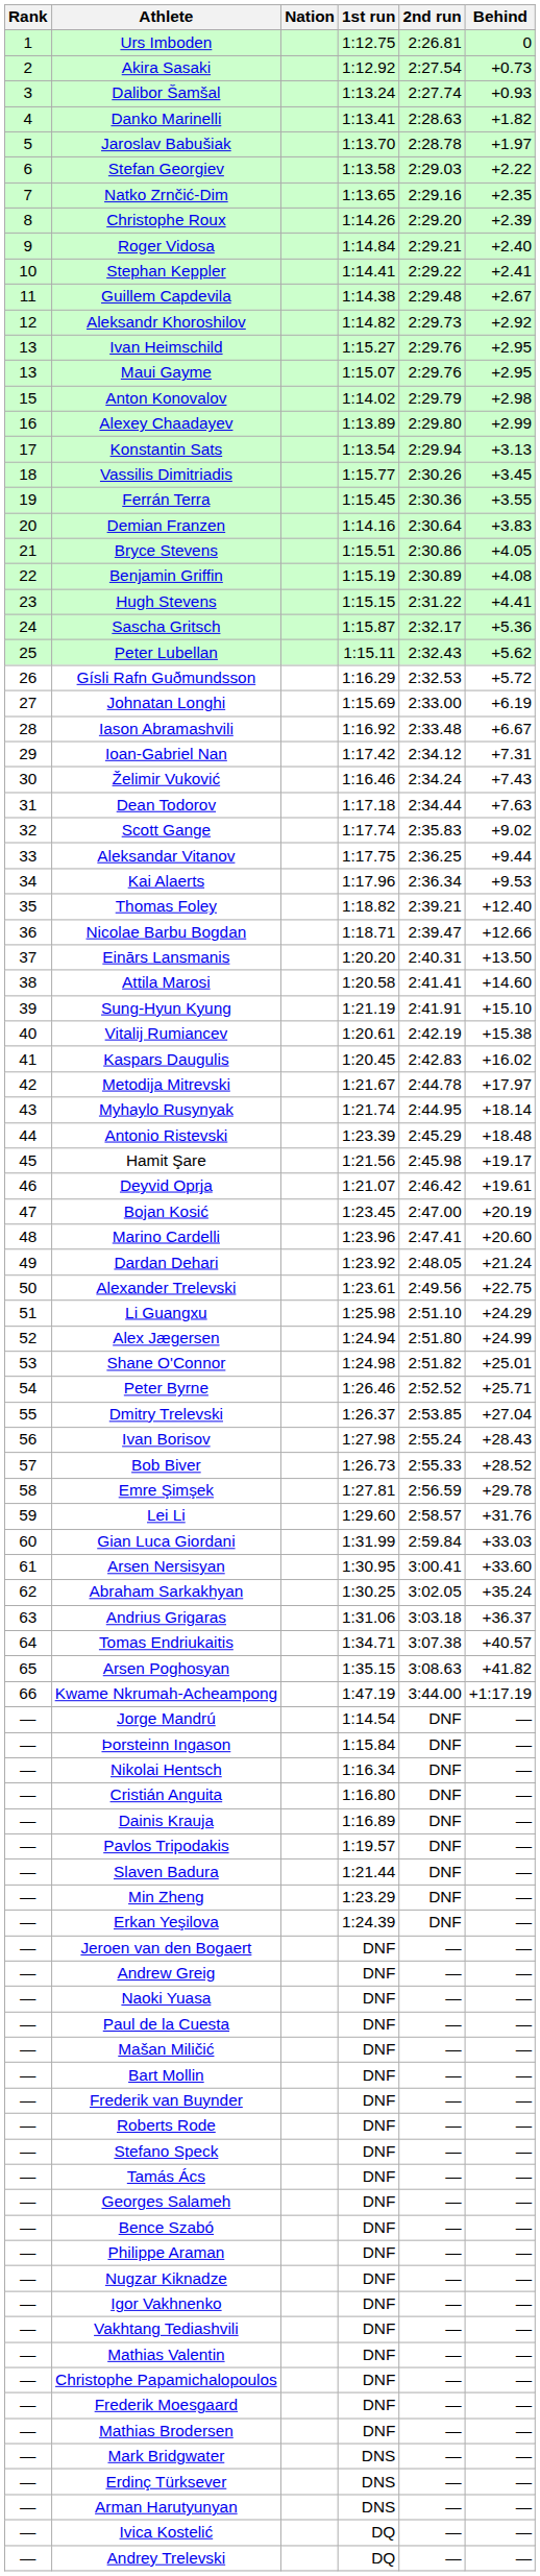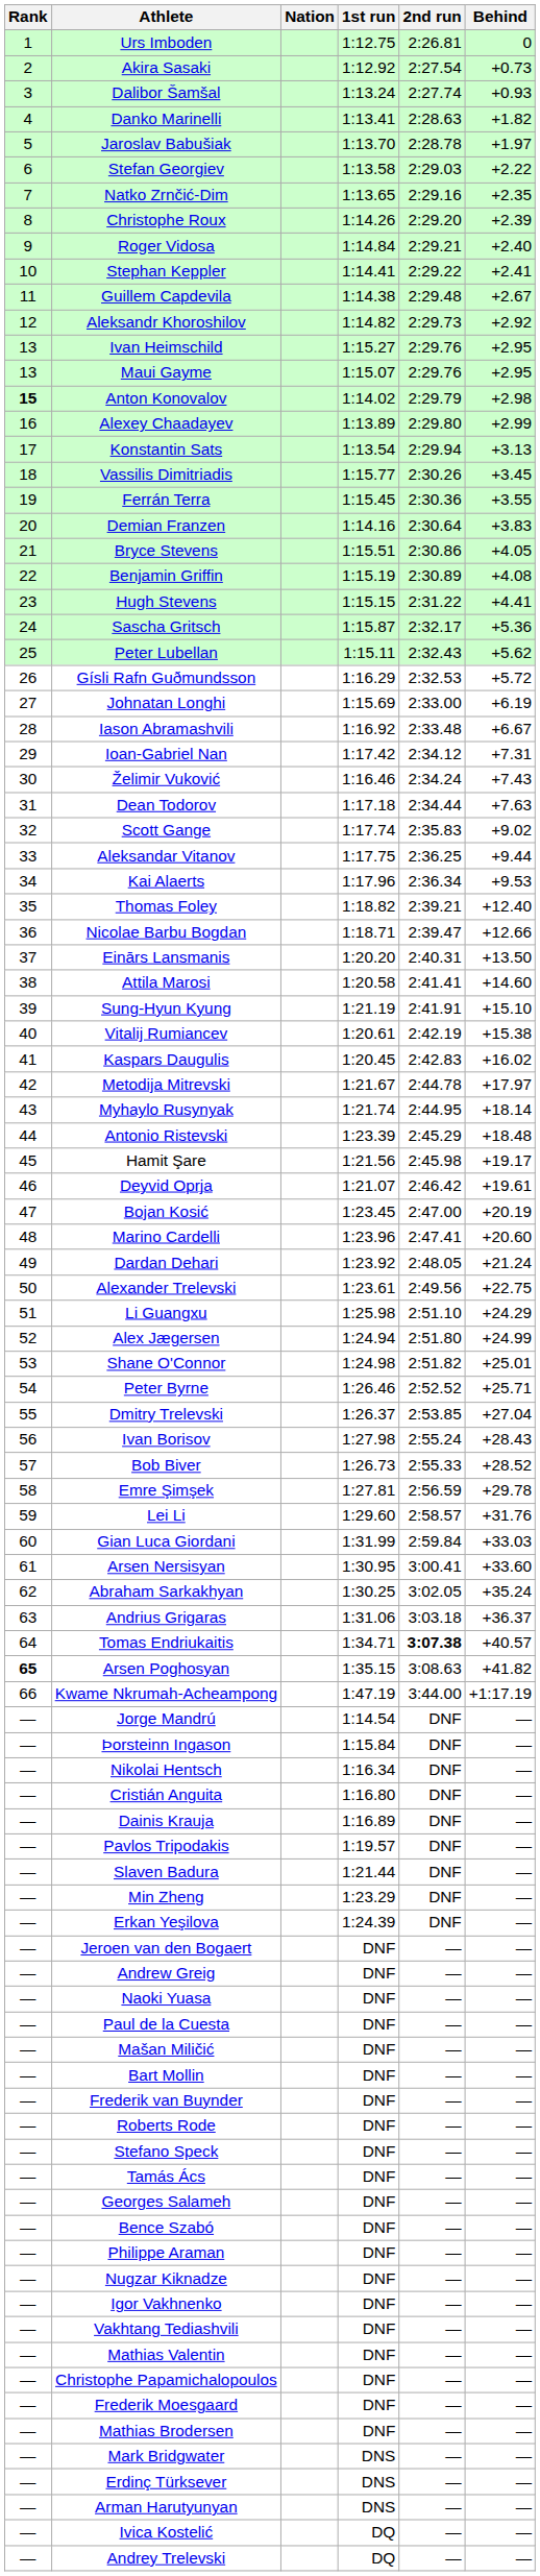 <table class=wikitable>
 <tr>
 <th>Rank</th>
 <th>Athlete</th>
 <th>Nation</th>
 <th>1st run</th>
 <th>2nd run</th>
 <th>Behind</th>
 </tr>
 <tr bgcolor="#CCFFCC">
 <td align="center">1</td>
 <td align="center"><a href='#'>Urs Imboden</a></td>
 <td></td>
 <td align="right">1:12.75</td>
 <td align="right">2:26.81</td>
 <td align="right">0</td>
 </tr>
 <tr bgcolor="#CCFFCC">
 <td align="center">2</td>
 <td align="center"><a href='#'>Akira Sasaki</a></td>
 <td></td>
 <td align="right">1:12.92</td>
 <td align="right">2:27.54</td>
 <td align="right">+0.73</td>
 </tr>
 <tr bgcolor="#CCFFCC">
 <td align="center">3</td>
 <td align="center"><a href='#'>Dalibor Šamšal</a></td>
 <td></td>
 <td align="right">1:13.24</td>
 <td align="right">2:27.74</td>
 <td align="right">+0.93</td>
 </tr>
 <tr bgcolor="#CCFFCC">
 <td align="center">4</td>
 <td align="center"><a href='#'>Danko Marinelli</a></td>
 <td></td>
 <td align="right">1:13.41</td>
 <td align="right">2:28.63</td>
 <td align="right">+1.82</td>
 </tr>
 <tr bgcolor="#CCFFCC">
 <td align="center">5</td>
 <td align="center"><a href='#'>Jaroslav Babušiak</a></td>
 <td></td>
 <td align="right">1:13.70</td>
 <td align="right">2:28.78</td>
 <td align="right">+1.97</td>
 </tr>
 <tr bgcolor="#CCFFCC">
 <td align="center">6</td>
 <td align="center"><a href='#'>Stefan Georgiev</a></td>
 <td></td>
 <td align="right">1:13.58</td>
 <td align="right">2:29.03</td>
 <td align="right">+2.22</td>
 </tr>
 <tr bgcolor="#CCFFCC">
 <td align="center">7</td>
 <td align="center"><a href='#'>Natko Zrnčić-Dim</a></td>
 <td></td>
 <td align="right">1:13.65</td>
 <td align="right">2:29.16</td>
 <td align="right">+2.35</td>
 </tr>
 <tr bgcolor="#CCFFCC">
 <td align="center">8</td>
 <td align="center"><a href='#'>Christophe Roux</a></td>
 <td></td>
 <td align="right">1:14.26</td>
 <td align="right">2:29.20</td>
 <td align="right">+2.39</td>
 </tr>
 <tr bgcolor="#CCFFCC">
 <td align="center">9</td>
 <td align="center"><a href='#'>Roger Vidosa</a></td>
 <td></td>
 <td align="right">1:14.84</td>
 <td align="right">2:29.21</td>
 <td align="right">+2.40</td>
 </tr>
 <tr bgcolor="#CCFFCC">
 <td align="center">10</td>
 <td align="center"><a href='#'>Stephan Keppler</a></td>
 <td></td>
 <td align="right">1:14.41</td>
 <td align="right">2:29.22</td>
 <td align="right">+2.41</td>
 </tr>
 <tr bgcolor="#CCFFCC">
 <td align="center">11</td>
 <td align="center"><a href='#'>Guillem Capdevila</a></td>
 <td></td>
 <td align="right">1:14.38</td>
 <td align="right">2:29.48</td>
 <td align="right">+2.67</td>
 </tr>
 <tr bgcolor="#CCFFCC">
 <td align="center">12</td>
 <td align="center"><a href='#'>Aleksandr Khoroshilov</a></td>
 <td></td>
 <td align="right">1:14.82</td>
 <td align="right">2:29.73</td>
 <td align="right">+2.92</td>
 </tr>
 <tr bgcolor="#CCFFCC">
 <td align="center">13</td>
 <td align="center"><a href='#'>Ivan Heimschild</a></td>
 <td></td>
 <td align="right">1:15.27</td>
 <td align="right">2:29.76</td>
 <td align="right">+2.95</td>
 </tr>
 <tr bgcolor="#CCFFCC">
 <td align="center">13</td>
 <td align="center"><a href='#'>Maui Gayme</a></td>
 <td></td>
 <td align="right">1:15.07</td>
 <td align="right">2:29.76</td>
 <td align="right">+2.95</td>
 </tr>
 <tr bgcolor="#CCFFCC">
-<td align="center">15</td>
+<td align="center"><strong>15</strong></td>
 <td align="center"><a href='#'>Anton Konovalov</a></td>
 <td></td>
 <td align="right">1:14.02</td>
 <td align="right">2:29.79</td>
 <td align="right">+2.98</td>
 </tr>
 <tr bgcolor="#CCFFCC">
 <td align="center">16</td>
 <td align="center"><a href='#'>Alexey Chaadayev</a></td>
 <td></td>
 <td align="right">1:13.89</td>
 <td align="right">2:29.80</td>
 <td align="right">+2.99</td>
 </tr>
 <tr bgcolor="#CCFFCC">
 <td align="center">17</td>
 <td align="center"><a href='#'>Konstantin Sats</a></td>
 <td></td>
 <td align="right">1:13.54</td>
 <td align="right">2:29.94</td>
 <td align="right">+3.13</td>
 </tr>
 <tr bgcolor="#CCFFCC">
 <td align="center">18</td>
 <td align="center"><a href='#'>Vassilis Dimitriadis</a></td>
 <td></td>
 <td align="right">1:15.77</td>
 <td align="right">2:30.26</td>
 <td align="right">+3.45</td>
 </tr>
 <tr bgcolor="#CCFFCC">
 <td align="center">19</td>
 <td align="center"><a href='#'>Ferrán Terra</a></td>
 <td></td>
 <td align="right">1:15.45</td>
 <td align="right">2:30.36</td>
 <td align="right">+3.55</td>
 </tr>
 <tr bgcolor="#CCFFCC">
 <td align="center">20</td>
 <td align="center"><a href='#'>Demian Franzen</a></td>
 <td></td>
 <td align="right">1:14.16</td>
 <td align="right">2:30.64</td>
 <td align="right">+3.83</td>
 </tr>
 <tr bgcolor="#CCFFCC">
 <td align="center">21</td>
 <td align="center"><a href='#'>Bryce Stevens</a></td>
 <td></td>
 <td align="right">1:15.51</td>
 <td align="right">2:30.86</td>
 <td align="right">+4.05</td>
 </tr>
 <tr bgcolor="#CCFFCC">
 <td align="center">22</td>
 <td align="center"><a href='#'>Benjamin Griffin</a></td>
 <td></td>
 <td align="right">1:15.19</td>
 <td align="right">2:30.89</td>
 <td align="right">+4.08</td>
 </tr>
 <tr bgcolor="#CCFFCC">
 <td align="center">23</td>
 <td align="center"><a href='#'>Hugh Stevens</a></td>
 <td></td>
 <td align="right">1:15.15</td>
 <td align="right">2:31.22</td>
 <td align="right">+4.41</td>
 </tr>
 <tr bgcolor="#CCFFCC">
 <td align="center">24</td>
 <td align="center"><a href='#'>Sascha Gritsch</a></td>
 <td></td>
 <td align="right">1:15.87</td>
 <td align="right">2:32.17</td>
 <td align="right">+5.36</td>
 </tr>
 <tr bgcolor="#CCFFCC">
 <td align="center">25</td>
 <td align="center"><a href='#'>Peter Lubellan</a></td>
 <td></td>
 <td align="right">1:15.11</td>
 <td align="right">2:32.43</td>
 <td align="right">+5.62</td>
 </tr>
 <tr bgcolor="#FFFFFF">
 <td align="center">26</td>
 <td align="center"><a href='#'>Gísli Rafn Guðmundsson</a></td>
 <td></td>
 <td align="right">1:16.29</td>
 <td align="right">2:32.53</td>
 <td align="right">+5.72</td>
 </tr>
 <tr bgcolor="#FFFFFF">
 <td align="center">27</td>
 <td align="center"><a href='#'>Johnatan Longhi</a></td>
 <td></td>
 <td align="right">1:15.69</td>
 <td align="right">2:33.00</td>
 <td align="right">+6.19</td>
 </tr>
 <tr bgcolor="#FFFFFF">
 <td align="center">28</td>
 <td align="center"><a href='#'>Iason Abramashvili</a></td>
 <td></td>
 <td align="right">1:16.92</td>
 <td align="right">2:33.48</td>
 <td align="right">+6.67</td>
 </tr>
 <tr bgcolor="#FFFFFF">
 <td align="center">29</td>
 <td align="center"><a href='#'>Ioan-Gabriel Nan</a></td>
 <td></td>
 <td align="right">1:17.42</td>
 <td align="right">2:34.12</td>
 <td align="right">+7.31</td>
 </tr>
 <tr bgcolor="#FFFFFF">
 <td align="center">30</td>
 <td align="center"><a href='#'>Želimir Vuković</a></td>
 <td></td>
 <td align="right">1:16.46</td>
 <td align="right">2:34.24</td>
 <td align="right">+7.43</td>
 </tr>
 <tr bgcolor="#FFFFFF">
 <td align="center">31</td>
 <td align="center"><a href='#'>Dean Todorov</a></td>
 <td></td>
 <td align="right">1:17.18</td>
 <td align="right">2:34.44</td>
 <td align="right">+7.63</td>
 </tr>
 <tr bgcolor="#FFFFFF">
 <td align="center">32</td>
 <td align="center"><a href='#'>Scott Gange</a></td>
 <td></td>
 <td align="right">1:17.74</td>
 <td align="right">2:35.83</td>
 <td align="right">+9.02</td>
 </tr>
 <tr bgcolor="#FFFFFF">
 <td align="center">33</td>
 <td align="center"><a href='#'>Aleksandar Vitanov</a></td>
 <td></td>
 <td align="right">1:17.75</td>
 <td align="right">2:36.25</td>
 <td align="right">+9.44</td>
 </tr>
 <tr bgcolor="#FFFFFF">
 <td align="center">34</td>
 <td align="center"><a href='#'>Kai Alaerts</a></td>
 <td></td>
 <td align="right">1:17.96</td>
 <td align="right">2:36.34</td>
 <td align="right">+9.53</td>
 </tr>
 <tr bgcolor="#FFFFFF">
 <td align="center">35</td>
 <td align="center"><a href='#'>Thomas Foley</a></td>
 <td></td>
 <td align="right">1:18.82</td>
 <td align="right">2:39.21</td>
 <td align="right">+12.40</td>
 </tr>
 <tr bgcolor="#FFFFFF">
 <td align="center">36</td>
 <td align="center"><a href='#'>Nicolae Barbu Bogdan</a></td>
 <td></td>
 <td align="right">1:18.71</td>
 <td align="right">2:39.47</td>
 <td align="right">+12.66</td>
 </tr>
 <tr bgcolor="#FFFFFF">
 <td align="center">37</td>
 <td align="center"><a href='#'>Einārs Lansmanis</a></td>
 <td></td>
 <td align="right">1:20.20</td>
 <td align="right">2:40.31</td>
 <td align="right">+13.50</td>
 </tr>
 <tr bgcolor="#FFFFFF">
 <td align="center">38</td>
 <td align="center"><a href='#'>Attila Marosi</a></td>
 <td></td>
 <td align="right">1:20.58</td>
 <td align="right">2:41.41</td>
 <td align="right">+14.60</td>
 </tr>
 <tr bgcolor="#FFFFFF">
 <td align="center">39</td>
 <td align="center"><a href='#'>Sung-Hyun Kyung</a></td>
 <td></td>
 <td align="right">1:21.19</td>
 <td align="right">2:41.91</td>
 <td align="right">+15.10</td>
 </tr>
 <tr bgcolor="#FFFFFF">
 <td align="center">40</td>
 <td align="center"><a href='#'>Vitalij Rumiancev</a></td>
 <td></td>
 <td align="right">1:20.61</td>
 <td align="right">2:42.19</td>
 <td align="right">+15.38</td>
 </tr>
 <tr bgcolor="#FFFFFF">
 <td align="center">41</td>
 <td align="center"><a href='#'>Kaspars Daugulis</a></td>
 <td></td>
 <td align="right">1:20.45</td>
 <td align="right">2:42.83</td>
 <td align="right">+16.02</td>
 </tr>
 <tr bgcolor="#FFFFFF">
 <td align="center">42</td>
 <td align="center"><a href='#'>Metodija Mitrevski</a></td>
 <td></td>
 <td align="right">1:21.67</td>
 <td align="right">2:44.78</td>
 <td align="right">+17.97</td>
 </tr>
 <tr bgcolor="#FFFFFF">
 <td align="center">43</td>
 <td align="center"><a href='#'>Myhaylo Rusynyak</a></td>
 <td></td>
 <td align="right">1:21.74</td>
 <td align="right">2:44.95</td>
 <td align="right">+18.14</td>
 </tr>
 <tr bgcolor="#FFFFFF">
 <td align="center">44</td>
 <td align="center"><a href='#'>Antonio Ristevski</a></td>
 <td></td>
 <td align="right">1:23.39</td>
 <td align="right">2:45.29</td>
 <td align="right">+18.48</td>
 </tr>
 <tr bgcolor="#FFFFFF">
 <td align="center">45</td>
 <td align="center">Hamit Şare</td>
 <td></td>
 <td align="right">1:21.56</td>
 <td align="right">2:45.98</td>
 <td align="right">+19.17</td>
 </tr>
 <tr bgcolor="#FFFFFF">
 <td align="center">46</td>
 <td align="center"><a href='#'>Deyvid Oprja</a></td>
 <td></td>
 <td align="right">1:21.07</td>
 <td align="right">2:46.42</td>
 <td align="right">+19.61</td>
 </tr>
 <tr bgcolor="#FFFFFF">
 <td align="center">47</td>
 <td align="center"><a href='#'>Bojan Kosić</a></td>
 <td></td>
 <td align="right">1:23.45</td>
 <td align="right">2:47.00</td>
 <td align="right">+20.19</td>
 </tr>
 <tr bgcolor="#FFFFFF">
 <td align="center">48</td>
 <td align="center"><a href='#'>Marino Cardelli</a></td>
 <td></td>
 <td align="right">1:23.96</td>
 <td align="right">2:47.41</td>
 <td align="right">+20.60</td>
 </tr>
 <tr bgcolor="#FFFFFF">
 <td align="center">49</td>
 <td align="center"><a href='#'>Dardan Dehari</a></td>
 <td></td>
 <td align="right">1:23.92</td>
 <td align="right">2:48.05</td>
 <td align="right">+21.24</td>
 </tr>
 <tr bgcolor="#FFFFFF">
 <td align="center">50</td>
 <td align="center"><a href='#'>Alexander Trelevski</a></td>
 <td></td>
 <td align="right">1:23.61</td>
 <td align="right">2:49.56</td>
 <td align="right">+22.75</td>
 </tr>
 <tr bgcolor="#FFFFFF">
 <td align="center">51</td>
 <td align="center"><a href='#'>Li Guangxu</a></td>
 <td></td>
 <td align="right">1:25.98</td>
 <td align="right">2:51.10</td>
 <td align="right">+24.29</td>
 </tr>
 <tr bgcolor="#FFFFFF">
 <td align="center">52</td>
 <td align="center"><a href='#'>Alex Jægersen</a></td>
 <td></td>
 <td align="right">1:24.94</td>
 <td align="right">2:51.80</td>
 <td align="right">+24.99</td>
 </tr>
 <tr bgcolor="#FFFFFF">
 <td align="center">53</td>
 <td align="center"><a href='#'>Shane O'Connor</a></td>
 <td></td>
 <td align="right">1:24.98</td>
 <td align="right">2:51.82</td>
 <td align="right">+25.01</td>
 </tr>
 <tr bgcolor="#FFFFFF">
 <td align="center">54</td>
 <td align="center"><a href='#'>Peter Byrne</a></td>
 <td></td>
 <td align="right">1:26.46</td>
 <td align="right">2:52.52</td>
 <td align="right">+25.71</td>
 </tr>
 <tr bgcolor="#FFFFFF">
 <td align="center">55</td>
 <td align="center"><a href='#'>Dmitry Trelevski</a></td>
 <td></td>
 <td align="right">1:26.37</td>
 <td align="right">2:53.85</td>
 <td align="right">+27.04</td>
 </tr>
 <tr bgcolor="#FFFFFF">
 <td align="center">56</td>
 <td align="center"><a href='#'>Ivan Borisov</a></td>
 <td></td>
 <td align="right">1:27.98</td>
 <td align="right">2:55.24</td>
 <td align="right">+28.43</td>
 </tr>
 <tr bgcolor="#FFFFFF">
 <td align="center">57</td>
 <td align="center"><a href='#'>Bob Biver</a></td>
 <td></td>
 <td align="right">1:26.73</td>
 <td align="right">2:55.33</td>
 <td align="right">+28.52</td>
 </tr>
 <tr bgcolor="#FFFFFF">
 <td align="center">58</td>
 <td align="center"><a href='#'>Emre Şimşek</a></td>
 <td></td>
 <td align="right">1:27.81</td>
 <td align="right">2:56.59</td>
 <td align="right">+29.78</td>
 </tr>
 <tr bgcolor="#FFFFFF">
 <td align="center">59</td>
 <td align="center"><a href='#'>Lei Li</a></td>
 <td></td>
 <td align="right">1:29.60</td>
 <td align="right">2:58.57</td>
 <td align="right">+31.76</td>
 </tr>
 <tr bgcolor="#FFFFFF">
 <td align="center">60</td>
 <td align="center"><a href='#'>Gian Luca Giordani</a></td>
 <td></td>
 <td align="right">1:31.99</td>
 <td align="right">2:59.84</td>
 <td align="right">+33.03</td>
 </tr>
 <tr bgcolor="#FFFFFF">
 <td align="center">61</td>
 <td align="center"><a href='#'>Arsen Nersisyan</a></td>
 <td></td>
 <td align="right">1:30.95</td>
 <td align="right">3:00.41</td>
 <td align="right">+33.60</td>
 </tr>
 <tr bgcolor="#FFFFFF">
 <td align="center">62</td>
 <td align="center"><a href='#'>Abraham Sarkakhyan</a></td>
 <td></td>
 <td align="right">1:30.25</td>
 <td align="right">3:02.05</td>
 <td align="right">+35.24</td>
 </tr>
 <tr bgcolor="#FFFFFF">
 <td align="center">63</td>
 <td align="center"><a href='#'>Andrius Grigaras</a></td>
 <td></td>
 <td align="right">1:31.06</td>
 <td align="right">3:03.18</td>
 <td align="right">+36.37</td>
 </tr>
 <tr bgcolor="#FFFFFF">
 <td align="center">64</td>
 <td align="center"><a href='#'>Tomas Endriukaitis</a></td>
 <td></td>
 <td align="right">1:34.71</td>
-<td align="right">3:07.38</td>
+<td align="right"><strong>3:07.38</strong></td>
 <td align="right">+40.57</td>
 </tr>
 <tr bgcolor="#FFFFFF">
-<td align="center">65</td>
+<td align="center"><strong>65</strong></td>
 <td align="center"><a href='#'>Arsen Poghosyan</a></td>
 <td></td>
 <td align="right">1:35.15</td>
 <td align="right">3:08.63</td>
 <td align="right">+41.82</td>
 </tr>
 <tr bgcolor="#FFFFFF">
 <td align="center">66</td>
 <td align="center"><a href='#'>Kwame Nkrumah-Acheampong</a></td>
 <td></td>
 <td align="right">1:47.19</td>
 <td align="right">3:44.00</td>
 <td align="right">+1:17.19</td>
 </tr>
 <tr bgcolor="#FFFFFF">
 <td align="center">—</td>
 <td align="center"><a href='#'>Jorge Mandrú</a></td>
 <td></td>
 <td align="right">1:14.54</td>
 <td align="right">DNF</td>
 <td align="right">—</td>
 </tr>
 <tr bgcolor="#FFFFFF">
 <td align="center">—</td>
 <td align="center"><a href='#'>Þorsteinn Ingason</a></td>
 <td></td>
 <td align="right">1:15.84</td>
 <td align="right">DNF</td>
 <td align="right">—</td>
 </tr>
 <tr bgcolor="#FFFFFF">
 <td align="center">—</td>
 <td align="center"><a href='#'>Nikolai Hentsch</a></td>
 <td></td>
 <td align="right">1:16.34</td>
 <td align="right">DNF</td>
 <td align="right">—</td>
 </tr>
 <tr bgcolor="#FFFFFF">
 <td align="center">—</td>
 <td align="center"><a href='#'>Cristián Anguita</a></td>
 <td></td>
 <td align="right">1:16.80</td>
 <td align="right">DNF</td>
 <td align="right">—</td>
 </tr>
 <tr bgcolor="#FFFFFF">
 <td align="center">—</td>
 <td align="center"><a href='#'>Dainis Krauja</a></td>
 <td></td>
 <td align="right">1:16.89</td>
 <td align="right">DNF</td>
 <td align="right">—</td>
 </tr>
 <tr bgcolor="#FFFFFF">
 <td align="center">—</td>
 <td align="center"><a href='#'>Pavlos Tripodakis</a></td>
 <td></td>
 <td align="right">1:19.57</td>
 <td align="right">DNF</td>
 <td align="right">—</td>
 </tr>
 <tr bgcolor="#FFFFFF">
 <td align="center">—</td>
 <td align="center"><a href='#'>Slaven Badura</a></td>
 <td></td>
 <td align="right">1:21.44</td>
 <td align="right">DNF</td>
 <td align="right">—</td>
 </tr>
 <tr bgcolor="#FFFFFF">
 <td align="center">—</td>
 <td align="center"><a href='#'>Min Zheng</a></td>
 <td></td>
 <td align="right">1:23.29</td>
 <td align="right">DNF</td>
 <td align="right">—</td>
 </tr>
 <tr bgcolor="#FFFFFF">
 <td align="center">—</td>
 <td align="center"><a href='#'>Erkan Yeşilova</a></td>
 <td></td>
 <td align="right">1:24.39</td>
 <td align="right">DNF</td>
 <td align="right">—</td>
 </tr>
 <tr bgcolor="#FFFFFF">
 <td align="center">—</td>
 <td align="center"><a href='#'>Jeroen van den Bogaert</a></td>
 <td></td>
 <td align="right">DNF</td>
 <td align="right">—</td>
 <td align="right">—</td>
 </tr>
 <tr bgcolor="#FFFFFF">
 <td align="center">—</td>
 <td align="center"><a href='#'>Andrew Greig</a></td>
 <td></td>
 <td align="right">DNF</td>
 <td align="right">—</td>
 <td align="right">—</td>
 </tr>
 <tr bgcolor="#FFFFFF">
 <td align="center">—</td>
 <td align="center"><a href='#'>Naoki Yuasa</a></td>
 <td></td>
 <td align="right">DNF</td>
 <td align="right">—</td>
 <td align="right">—</td>
 </tr>
 <tr bgcolor="#FFFFFF">
 <td align="center">—</td>
 <td align="center"><a href='#'>Paul de la Cuesta</a></td>
 <td></td>
 <td align="right">DNF</td>
 <td align="right">—</td>
 <td align="right">—</td>
 </tr>
 <tr bgcolor="#FFFFFF">
 <td align="center">—</td>
 <td align="center"><a href='#'>Mašan Miličić</a></td>
 <td></td>
 <td align="right">DNF</td>
 <td align="right">—</td>
 <td align="right">—</td>
 </tr>
 <tr bgcolor="#FFFFFF">
 <td align="center">—</td>
 <td align="center"><a href='#'>Bart Mollin</a></td>
 <td></td>
 <td align="right">DNF</td>
 <td align="right">—</td>
 <td align="right">—</td>
 </tr>
 <tr bgcolor="#FFFFFF">
 <td align="center">—</td>
 <td align="center"><a href='#'>Frederik van Buynder</a></td>
 <td></td>
 <td align="right">DNF</td>
 <td align="right">—</td>
 <td align="right">—</td>
 </tr>
 <tr bgcolor="#FFFFFF">
 <td align="center">—</td>
 <td align="center"><a href='#'>Roberts Rode</a></td>
 <td></td>
 <td align="right">DNF</td>
 <td align="right">—</td>
 <td align="right">—</td>
 </tr>
 <tr bgcolor="#FFFFFF">
 <td align="center">—</td>
 <td align="center"><a href='#'>Stefano Speck</a></td>
 <td></td>
 <td align="right">DNF</td>
 <td align="right">—</td>
 <td align="right">—</td>
 </tr>
 <tr bgcolor="#FFFFFF">
 <td align="center">—</td>
 <td align="center"><a href='#'>Tamás Ács</a></td>
 <td></td>
 <td align="right">DNF</td>
 <td align="right">—</td>
 <td align="right">—</td>
 </tr>
 <tr bgcolor="#FFFFFF">
 <td align="center">—</td>
 <td align="center"><a href='#'>Georges Salameh</a></td>
 <td></td>
 <td align="right">DNF</td>
 <td align="right">—</td>
 <td align="right">—</td>
 </tr>
 <tr bgcolor="#FFFFFF">
 <td align="center">—</td>
 <td align="center"><a href='#'>Bence Szabó</a></td>
 <td></td>
 <td align="right">DNF</td>
 <td align="right">—</td>
 <td align="right">—</td>
 </tr>
 <tr bgcolor="#FFFFFF">
 <td align="center">—</td>
 <td align="center"><a href='#'>Philippe Araman</a></td>
 <td></td>
 <td align="right">DNF</td>
 <td align="right">—</td>
 <td align="right">—</td>
 </tr>
 <tr bgcolor="#FFFFFF">
 <td align="center">—</td>
 <td align="center"><a href='#'>Nugzar Kiknadze</a></td>
 <td></td>
 <td align="right">DNF</td>
 <td align="right">—</td>
 <td align="right">—</td>
 </tr>
 <tr bgcolor="#FFFFFF">
 <td align="center">—</td>
 <td align="center"><a href='#'>Igor Vakhnenko</a></td>
 <td></td>
 <td align="right">DNF</td>
 <td align="right">—</td>
 <td align="right">—</td>
 </tr>
 <tr bgcolor="#FFFFFF">
 <td align="center">—</td>
 <td align="center"><a href='#'>Vakhtang Tediashvili</a></td>
 <td></td>
 <td align="right">DNF</td>
 <td align="right">—</td>
 <td align="right">—</td>
 </tr>
 <tr bgcolor="#FFFFFF">
 <td align="center">—</td>
 <td align="center"><a href='#'>Mathias Valentin</a></td>
 <td></td>
 <td align="right">DNF</td>
 <td align="right">—</td>
 <td align="right">—</td>
 </tr>
 <tr bgcolor="#FFFFFF">
 <td align="center">—</td>
 <td align="center"><a href='#'>Christophe Papamichalopoulos</a></td>
 <td></td>
 <td align="right">DNF</td>
 <td align="right">—</td>
 <td align="right">—</td>
 </tr>
 <tr bgcolor="#FFFFFF">
 <td align="center">—</td>
 <td align="center"><a href='#'>Frederik Moesgaard</a></td>
 <td></td>
 <td align="right">DNF</td>
 <td align="right">—</td>
 <td align="right">—</td>
 </tr>
 <tr bgcolor="#FFFFFF">
 <td align="center">—</td>
 <td align="center"><a href='#'>Mathias Brodersen</a></td>
 <td></td>
 <td align="right">DNF</td>
 <td align="right">—</td>
 <td align="right">—</td>
 </tr>
 <tr bgcolor="#FFFFFF">
 <td align="center">—</td>
 <td align="center"><a href='#'>Mark Bridgwater</a></td>
 <td></td>
 <td align="right">DNS</td>
 <td align="right">—</td>
 <td align="right">—</td>
 </tr>
 <tr bgcolor="#FFFFFF">
 <td align="center">—</td>
 <td align="center"><a href='#'>Erdinç Türksever</a></td>
 <td></td>
 <td align="right">DNS</td>
 <td align="right">—</td>
 <td align="right">—</td>
 </tr>
 <tr bgcolor="#FFFFFF">
 <td align="center">—</td>
 <td align="center"><a href='#'>Arman Harutyunyan</a></td>
 <td></td>
 <td align="right">DNS</td>
 <td align="right">—</td>
 <td align="right">—</td>
 </tr>
 <tr bgcolor="#FFFFFF">
 <td align="center">—</td>
 <td align="center"><a href='#'>Ivica Kostelić</a></td>
 <td></td>
 <td align="right">DQ</td>
 <td align="right">—</td>
 <td align="right">—</td>
 </tr>
 <tr bgcolor="#FFFFFF">
 <td align="center">—</td>
 <td align="center"><a href='#'>Andrey Trelevski</a></td>
 <td></td>
 <td align="right">DQ</td>
 <td align="right">—</td>
 <td align="right">—</td>
 </tr>
 </table>
